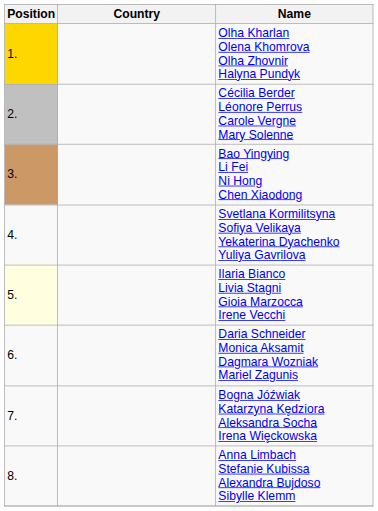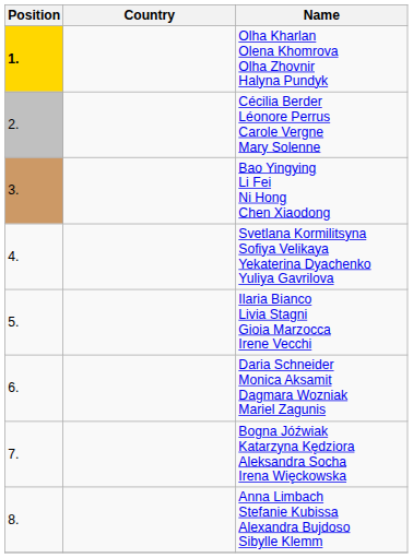 <table class="wikitable">
 <tr>
 <th width="10">Position</th>
 <th width="200">Country</th>
 <th width="200">Name</th>
 </tr>
 <tr>
-<td bgcolor="gold">1.</td>
+<td bgcolor="gold"><strong>1.</strong></td>
 <td></td>
 <td><a href='#'>Olha Kharlan</a> <br><a href='#'>Olena Khomrova</a> <br><a href='#'>Olha Zhovnir</a> <br> <a href='#'>Halyna Pundyk</a></td>
 </tr>
 <tr>
 <td bgcolor="silver">2.</td>
 <td></td>
 <td><a href='#'>Cécilia Berder</a><br><a href='#'>Léonore Perrus</a><br><a href='#'>Carole Vergne</a><br><a href='#'>Mary Solenne</a></td>
 </tr>
 <tr>
 <td bgcolor="#CC9966">3.</td>
 <td></td>
 <td><a href='#'>Bao Yingying</a> <br><a href='#'>Li Fei</a><br><a href='#'>Ni Hong</a><br><a href='#'>Chen Xiaodong</a></td>
 </tr>
 <tr>
 <td>4.</td>
 <td></td>
 <td><a href='#'>Svetlana Kormilitsyna</a><br><a href='#'>Sofiya Velikaya</a><br><a href='#'>Yekaterina Dyachenko</a><br><a href='#'>Yuliya Gavrilova</a></td>
 </tr>
 <tr>
-<td style="background: lightyellow;">5.</td>
+<td>5.</td>
 <td></td>
 <td><a href='#'>Ilaria Bianco</a><br><a href='#'>Livia Stagni</a><br><a href='#'>Gioia Marzocca</a><br><a href='#'>Irene Vecchi</a></td>
 </tr>
 <tr>
 <td>6.</td>
 <td></td>
 <td><a href='#'>Daria Schneider</a><br><a href='#'>Monica Aksamit</a> <br><a href='#'>Dagmara Wozniak</a> <br><a href='#'>Mariel Zagunis</a></td>
 </tr>
 <tr>
 <td>7.</td>
 <td></td>
 <td><a href='#'>Bogna Jóźwiak</a><br><a href='#'>Katarzyna Kędziora</a><br><a href='#'>Aleksandra Socha</a><br><a href='#'>Irena Więckowska</a></td>
 </tr>
 <tr>
 <td>8.</td>
 <td></td>
 <td><a href='#'>Anna Limbach</a><br><a href='#'>Stefanie Kubissa</a><br><a href='#'>Alexandra Bujdoso</a><br><a href='#'>Sibylle Klemm</a></td>
 </tr>
 <tr>
 </tr>
 </table>
